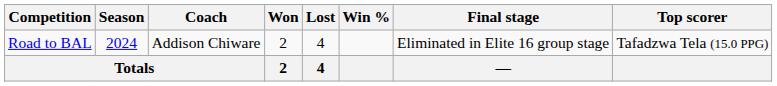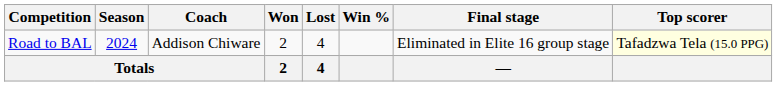 <table class="wikitable" style="font-size: 95%; text-align:center;">
 <tr>
 <th>Competition</th>
 <th>Season</th>
 <th>Coach</th>
 <th>Won</th>
 <th>Lost</th>
 <th>Win %</th>
 <th>Final stage</th>
 <th>Top scorer</th>
 </tr>
 <tr>
 <td><a href='#'>Road to BAL</a></td>
 <td><a href='#'>2024</a></td>
 <td>Addison Chiware</td>
 <td>2</td>
 <td>4</td>
 <td></td>
 <td>Eliminated in Elite 16 group stage</td>
-<td>Tafadzwa Tela <small>(15.0 PPG)</small></td>
+<td style="background: lightyellow;">Tafadzwa Tela <small>(15.0 PPG)</small></td>
 </tr>
 <tr>
 <th colspan="3">Totals</th>
 <th>2</th>
 <th>4</th>
 <th></th>
 <th>—</th>
 <th></th>
 </tr>
 </table>
